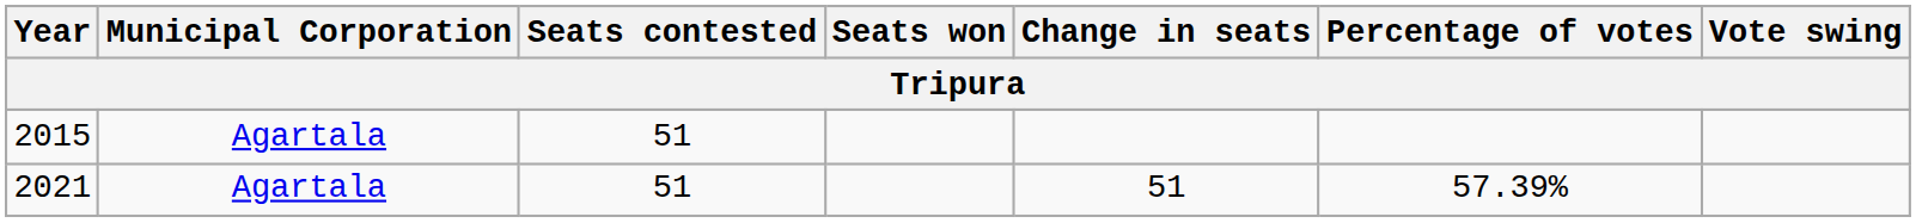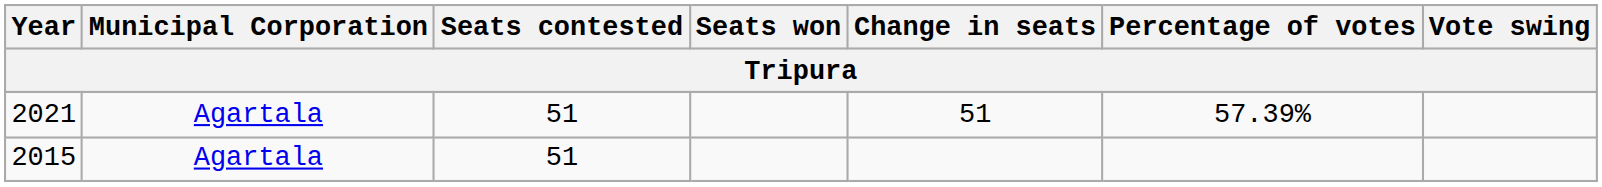 <table class="wikitable" style="text-align:center">
 <tr>
 <th Style="background-color:">Year</th>
 <th Style="background-color:">Municipal Corporation</th>
 <th Style="background-color:">Seats contested</th>
 <th Style="background-color:">Seats won</th>
 <th Style="background-color:">Change in seats</th>
 <th Style="background-color:">Percentage of votes</th>
 <th Style="background-color:">Vote swing</th>
 </tr>
 <tr>
 <th colspan=7>Tripura</th>
 </tr>
 <tr>
 </tr>
 <tr>
+<td>2021</td>
+<td><a href='#'>Agartala</a></td>
+<td>51</td>
+<td></td>
+<td>51</td>
+<td>57.39%</td>
+<td></td>
+</tr>
+<tr>
 <td>2015</td>
 <td><a href='#'>Agartala</a></td>
 <td>51</td>
 <td></td>
 <td></td>
 <td></td>
 <td></td>
 </tr>
-<tr>
-<td>2021</td>
-<td><a href='#'>Agartala</a></td>
-<td>51</td>
-<td></td>
-<td>51</td>
-<td>57.39%</td>
-<td></td>
-</tr>
 </table>
